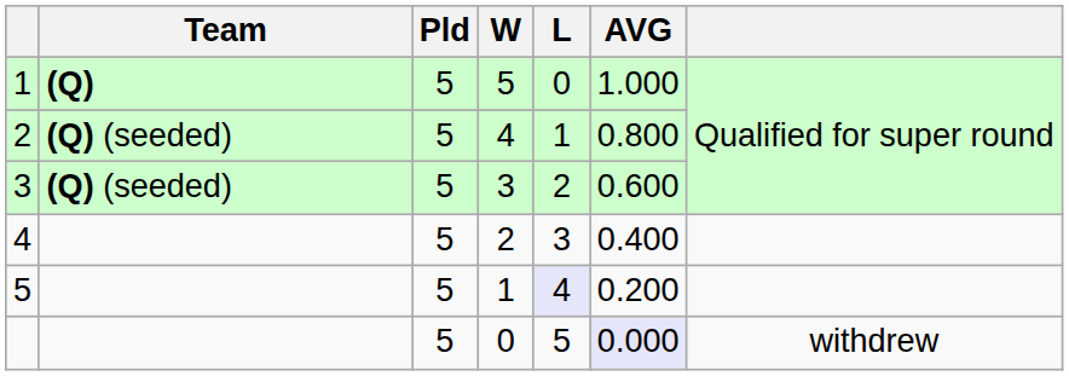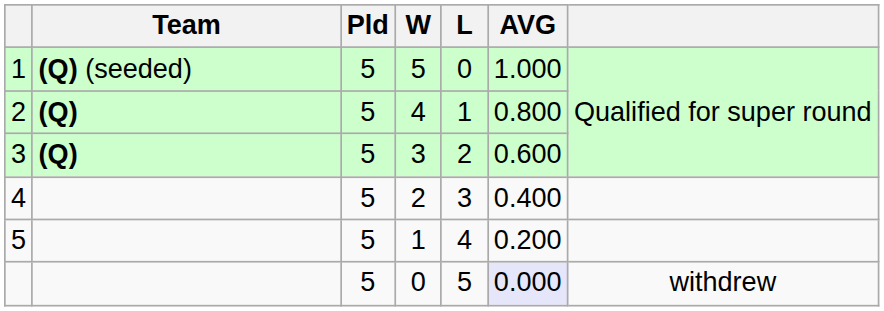 <table class="wikitable" style="text-align:center;">
 <tr>
 <th></th>
 <th width=175>Team</th>
 <th width=20 abbr="Played">Pld</th>
 <th width=20 abbr="Won">W</th>
 <th width=20 abbr="Lost">L</th>
 <th width=30 abbr="Average">AVG</th>
 <th></th>
 </tr>
 <tr style="background:#ccffcc">
 <td>1</td>
-<td align=left> <strong>(Q)</strong></td>
+<td align=left> <strong>(Q)</strong> (seeded)</td>
 <td>5</td>
 <td>5</td>
 <td>0</td>
 <td>1.000</td>
 <td rowspan="3">Qualified for super round</td>
 </tr>
 <tr style="background:#ccffcc">
 <td>2</td>
-<td align=left> <strong>(Q)</strong> (seeded)</td>
+<td align=left> <strong>(Q)</strong></td>
 <td>5</td>
 <td>4</td>
 <td>1</td>
 <td>0.800</td>
 </tr>
 <tr style="background:#ccffcc">
 <td>3</td>
-<td align=left> <strong>(Q)</strong> (seeded)</td>
+<td align=left> <strong>(Q)</strong></td>
 <td>5</td>
 <td>3</td>
 <td>2</td>
 <td>0.600</td>
 </tr>
 <tr>
 <td>4</td>
 <td align=left></td>
 <td>5</td>
 <td>2</td>
 <td>3</td>
 <td>0.400</td>
 <td></td>
 </tr>
 <tr>
 <td>5</td>
 <td align=left></td>
 <td>5</td>
 <td>1</td>
-<td style="background: lavender;">4</td>
+<td>4</td>
 <td>0.200</td>
 <td></td>
 </tr>
 <tr>
 <td></td>
 <td align=left></td>
 <td>5</td>
 <td>0</td>
 <td>5</td>
 <td style="background: lavender;">0.000</td>
 <td>withdrew</td>
 </tr>
 </table>
